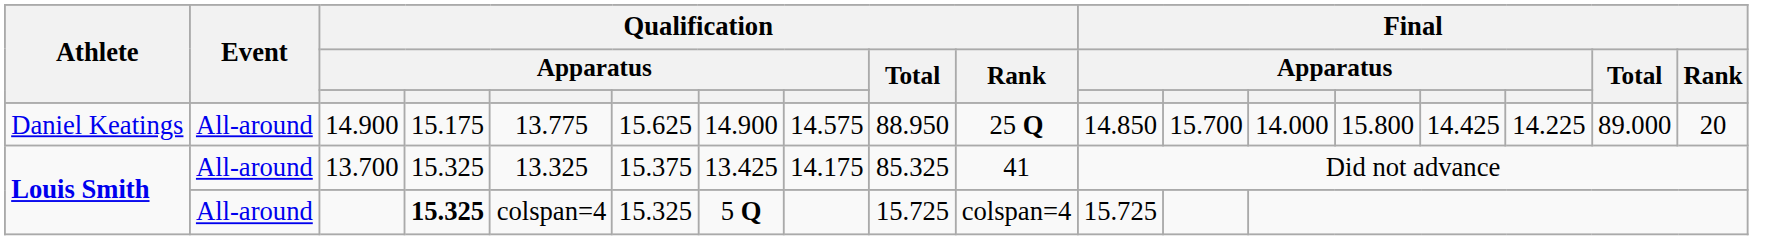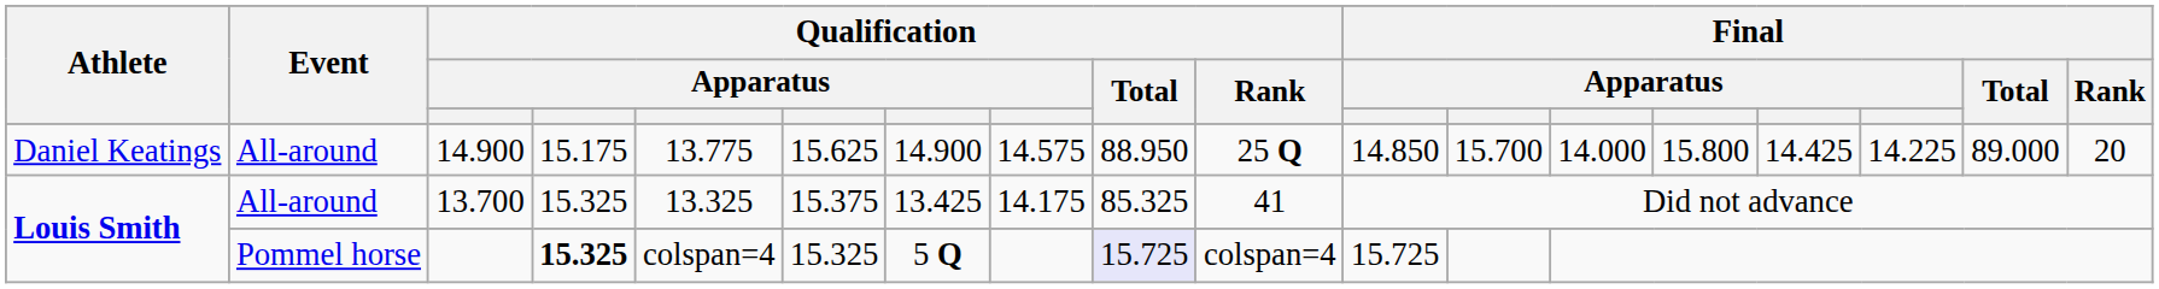 <table class="wikitable" style="font-size:90%">
 <tr>
 <th rowspan=3>Athlete</th>
 <th rowspan=3>Event</th>
 <th colspan =8>Qualification</th>
 <th colspan =8>Final</th>
 </tr>
 <tr style="font-size:95%">
 <th colspan=6>Apparatus</th>
 <th rowspan=2>Total</th>
 <th rowspan=2>Rank</th>
 <th colspan=6>Apparatus</th>
 <th rowspan=2>Total</th>
 <th rowspan=2>Rank</th>
 </tr>
 <tr style="font-size:95%">
 <th></th>
 <th></th>
 <th></th>
 <th></th>
 <th></th>
 <th></th>
 <th></th>
 <th></th>
 <th></th>
 <th></th>
 <th></th>
 <th></th>
 </tr>
 <tr align=center>
 <td align=left><a href='#'>Daniel Keatings</a></td>
 <td align=left><a href='#'>All-around</a></td>
 <td>14.900</td>
 <td>15.175</td>
 <td>13.775</td>
 <td>15.625</td>
 <td>14.900</td>
 <td>14.575</td>
 <td>88.950</td>
 <td>25 <strong>Q</strong></td>
 <td>14.850</td>
 <td>15.700</td>
 <td>14.000</td>
 <td>15.800</td>
 <td>14.425</td>
 <td>14.225</td>
 <td>89.000</td>
 <td>20</td>
 </tr>
 <tr align=center>
 <td align=left rowspan=2><strong><a href='#'>Louis Smith</a></strong></td>
 <td align=left><a href='#'>All-around</a></td>
 <td>13.700</td>
 <td>15.325</td>
 <td>13.325</td>
 <td>15.375</td>
 <td>13.425</td>
 <td>14.175</td>
 <td>85.325</td>
 <td>41</td>
 <td colspan=8>Did not advance</td>
 </tr>
 <tr align=center>
-<td align=left><a href='#'>All-around</a></td>
+<td align=left><a href='#'>Pommel horse</a></td>
 <td></td>
 <td><strong>15.325</strong></td>
 <td>colspan=4 </td>
 <td>15.325</td>
 <td>5 <strong>Q</strong></td>
 <td></td>
-<td>15.725</td>
+<td style="background: lavender;">15.725</td>
 <td>colspan=4 </td>
 <td>15.725</td>
 <td></td>
 </tr>
 </table>
